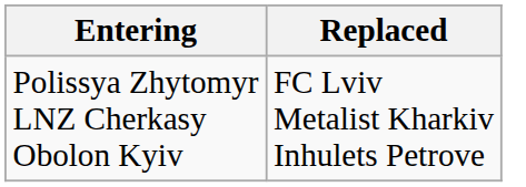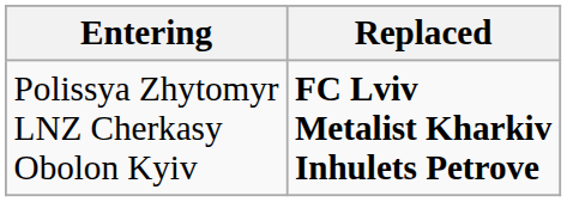 <table class="wikitable">
 <tr>
 <th>Entering</th>
 <th>Replaced</th>
 </tr>
 <tr>
 <td>Polissya Zhytomyr<br>LNZ Cherkasy<br>Obolon Kyiv</td>
-<td>FC Lviv<br>Metalist Kharkiv<br>Inhulets Petrove</td>
+<td><strong>FC Lviv<br>Metalist Kharkiv<br>Inhulets Petrove</strong></td>
 </tr>
 </table>
